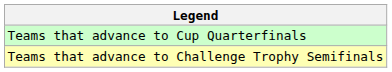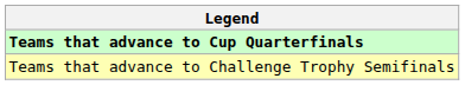 <table class="wikitable" style="text-align: center;">
 <tr>
 <th colspan=2>Legend</th>
 </tr>
 <tr bgcolor=ccffcc>
-<td align=left>Teams that advance to Cup Quarterfinals</td>
+<td align=left><strong>Teams that advance to Cup Quarterfinals</strong></td>
 </tr>
 <tr bgcolor=feffb4>
 <td align=left>Teams that advance to Challenge Trophy Semifinals</td>
 </tr>
 </table>
